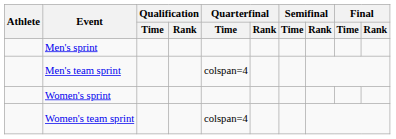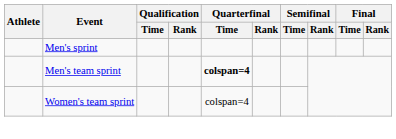 <table class="wikitable" style="font-size:90%; text-align:center">
 <tr>
 <th rowspan=2>Athlete</th>
 <th rowspan=2>Event</th>
 <th colspan=2>Qualification</th>
 <th colspan=2>Quarterfinal</th>
 <th colspan=2>Semifinal</th>
 <th colspan=2>Final</th>
 </tr>
 <tr style="font-size:95%">
 <th>Time</th>
 <th>Rank</th>
 <th>Time</th>
 <th>Rank</th>
 <th>Time</th>
 <th>Rank</th>
 <th>Time</th>
 <th>Rank</th>
 </tr>
 <tr>
 <td align=left> </td>
 <td align=left><a href='#'>Men's sprint</a></td>
 <td></td>
 <td></td>
 <td></td>
 <td></td>
 <td></td>
 <td></td>
 <td></td>
 <td></td>
 </tr>
 <tr>
 <td align=left> <br> </td>
 <td align=left><a href='#'>Men's team sprint</a></td>
 <td></td>
 <td></td>
-<td>colspan=4 </td>
-<td></td>
-<td></td>
-</tr>
-<tr>
-<td align=left> </td>
-<td align=left><a href='#'>Women's sprint</a></td>
-<td></td>
-<td></td>
-<td></td>
-<td></td>
-<td></td>
-<td></td>
+<td><strong>colspan=4 </strong></td>
 <td></td>
 <td></td>
 </tr>
 <tr>
 <td align=left> <br> </td>
 <td align=left><a href='#'>Women's team sprint</a></td>
 <td></td>
 <td></td>
 <td>colspan=4 </td>
 <td></td>
 <td></td>
 </tr>
 </table>
